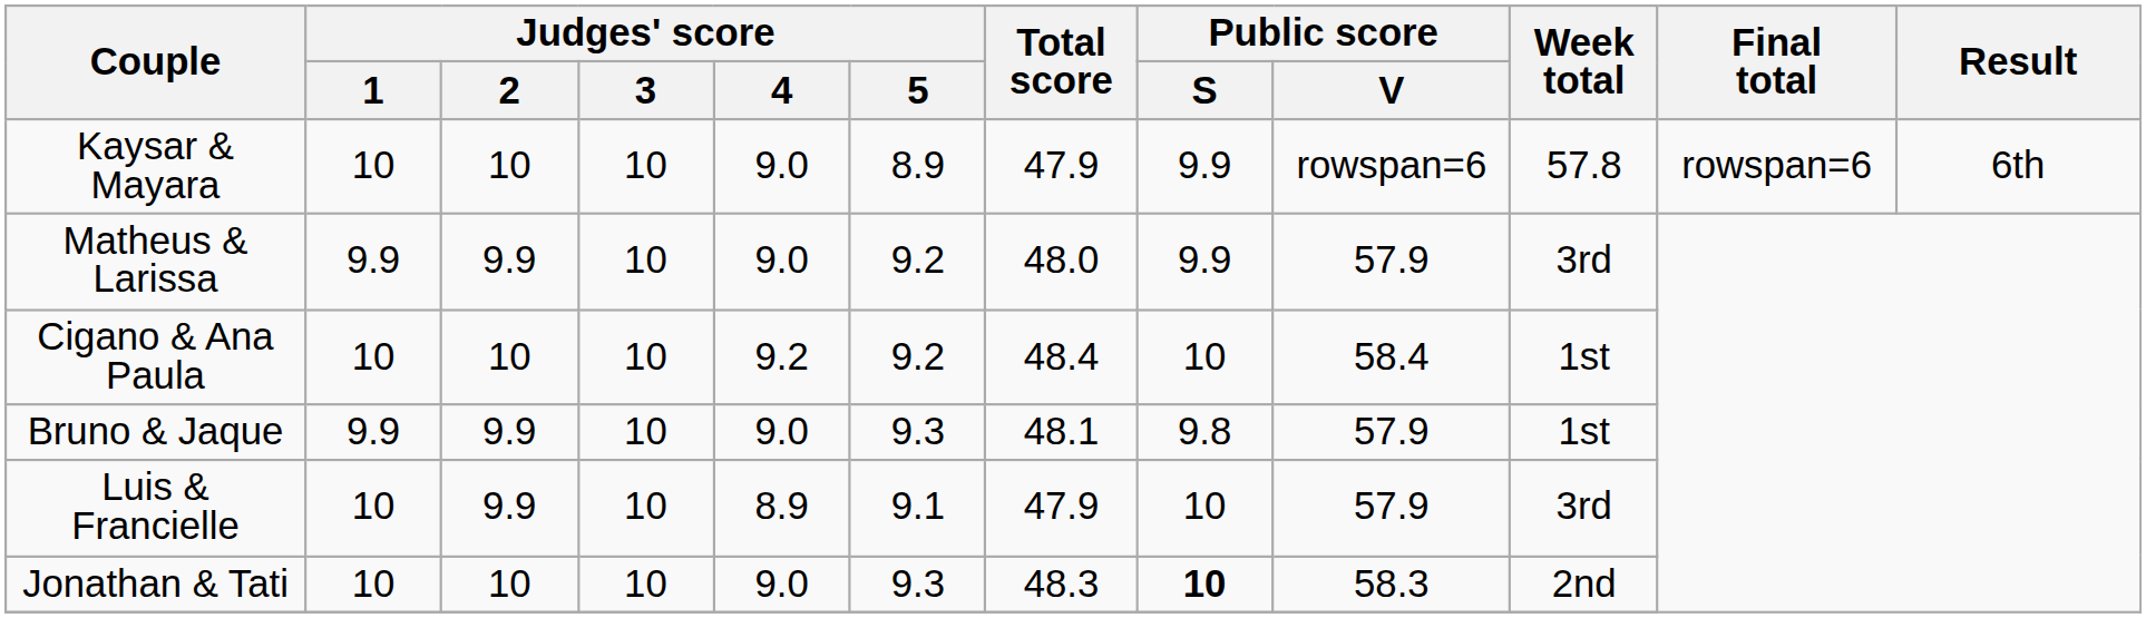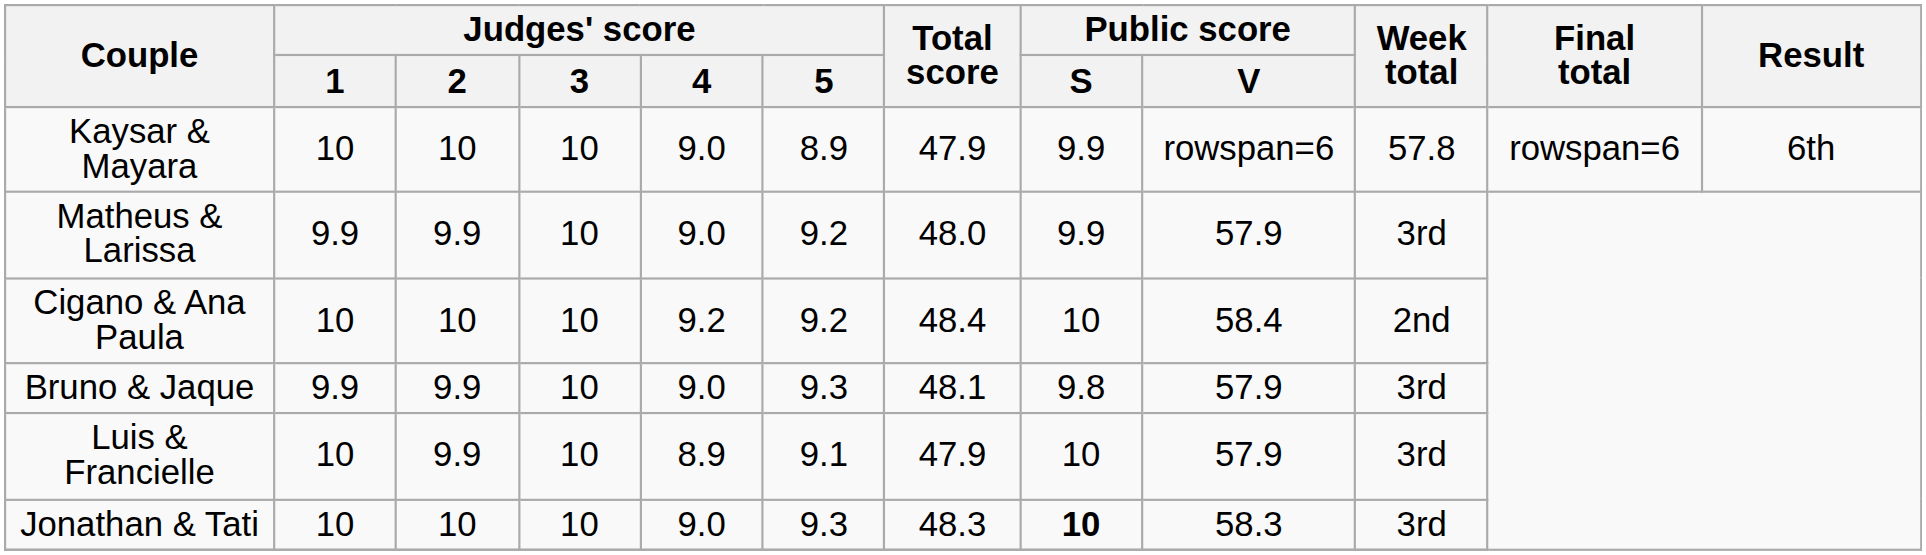 <table class="wikitable" style="font-size:100%; line-height:16px; text-align:center" width="100%">
 <tr>
 <th rowspan=2 width="11.0%">Couple</th>
 <th colspan=5 width="25.0%">Judges' score</th>
 <th rowspan=2 width="05.0%">Total<br>score</th>
 <th colspan=2 width="10.0%">Public score</th>
 <th rowspan=2 width="05.0%">Week<br>total</th>
 <th rowspan=2 width="05.0%">Final<br>total</th>
 <th rowspan=2 width="09.0%">Result</th>
 </tr>
 <tr>
 <th width="05.0%">1</th>
 <th width="05.0%">2</th>
 <th width="05.0%">3</th>
 <th width="05.0%">4</th>
 <th width="05.0%">5</th>
 <th width="05.0%">S</th>
 <th width="05.0%">V</th>
 </tr>
 <tr>
 <td>Kaysar & Mayara</td>
 <td>10</td>
 <td>10</td>
 <td>10</td>
 <td>9.0</td>
 <td>8.9</td>
 <td>47.9</td>
 <td>9.9</td>
 <td>rowspan=6 </td>
 <td>57.8</td>
 <td>rowspan=6 </td>
 <td>6th</td>
 </tr>
 <tr>
 <td>Matheus & Larissa</td>
 <td>9.9</td>
 <td>9.9</td>
 <td>10</td>
 <td>9.0</td>
 <td>9.2</td>
 <td>48.0</td>
 <td>9.9</td>
 <td>57.9</td>
 <td>3rd</td>
 </tr>
 <tr>
 <td>Cigano & Ana Paula</td>
 <td>10</td>
 <td>10</td>
 <td>10</td>
 <td>9.2</td>
 <td>9.2</td>
 <td>48.4</td>
 <td>10</td>
 <td>58.4</td>
-<td>1st</td>
+<td>2nd</td>
 </tr>
 <tr>
 <td>Bruno & Jaque</td>
 <td>9.9</td>
 <td>9.9</td>
 <td>10</td>
 <td>9.0</td>
 <td>9.3</td>
 <td>48.1</td>
 <td>9.8</td>
 <td>57.9</td>
-<td>1st</td>
+<td>3rd</td>
 </tr>
 <tr>
 <td>Luis & Francielle</td>
 <td>10</td>
 <td>9.9</td>
 <td>10</td>
 <td>8.9</td>
 <td>9.1</td>
 <td>47.9</td>
 <td>10</td>
 <td>57.9</td>
 <td>3rd</td>
 </tr>
 <tr>
 <td>Jonathan & Tati</td>
 <td>10</td>
 <td>10</td>
 <td>10</td>
 <td>9.0</td>
 <td>9.3</td>
 <td>48.3</td>
 <td><strong>10</strong></td>
 <td>58.3</td>
-<td>2nd</td>
+<td>3rd</td>
 </tr>
 <tr>
 </tr>
 </table>
